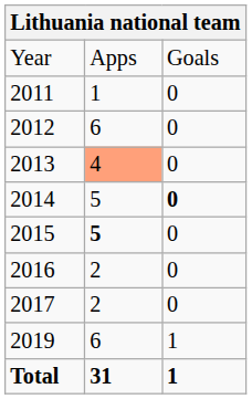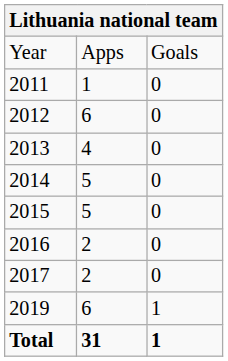 <table class="wikitable">
 <tr>
 <th colspan="3">Lithuania national team</th>
 </tr>
 <tr>
 <td>Year</td>
 <td>Apps</td>
 <td>Goals</td>
 </tr>
 <tr>
 <td>2011</td>
 <td>1</td>
 <td>0</td>
 </tr>
 <tr>
 <td>2012</td>
 <td>6</td>
 <td>0</td>
 </tr>
 <tr>
 <td>2013</td>
-<td style="background: lightsalmon;">4</td>
+<td>4</td>
 <td>0</td>
 </tr>
 <tr>
 <td>2014</td>
 <td>5</td>
-<td><strong>0</strong></td>
+<td>0</td>
 </tr>
 <tr>
 <td>2015</td>
-<td><strong>5</strong></td>
+<td>5</td>
 <td>0</td>
 </tr>
 <tr>
 <td>2016</td>
 <td>2</td>
 <td>0</td>
 </tr>
 <tr>
 <td>2017</td>
 <td>2</td>
 <td>0</td>
 </tr>
 <tr>
 <td>2019</td>
 <td>6</td>
 <td>1</td>
 </tr>
 <tr>
 <td><strong>Total</strong></td>
 <td><strong>31</strong></td>
 <td><strong>1</strong></td>
 </tr>
 </table>
